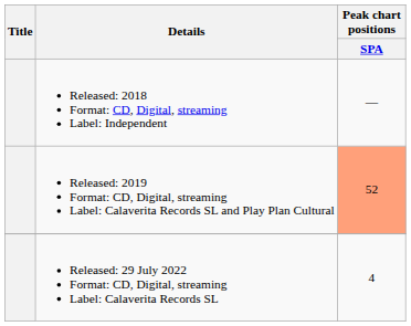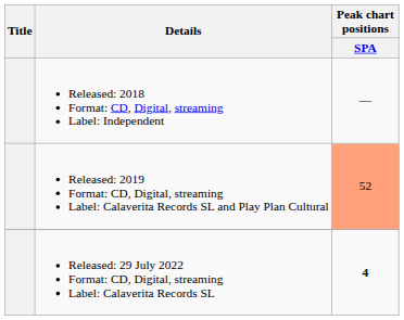 <table class="wikitable plainrowheaders">
 <tr>
 <th rowspan="2">Title</th>
 <th rowspan="2" scope="col">Details</th>
 <th colspan="1" width=80px>Peak chart positions</th>
 </tr>
 <tr>
 <th><a href='#'>SPA</a><br></th>
 </tr>
 <tr>
 <th scope="row"></th>
 <td><br><ul><li>Released: 2018</li><li>Format: <a href='#'>CD</a>, <a href='#'>Digital</a>, <a href='#'>streaming</a></li><li>Label: Independent</li></ul></td>
 <td align="center">—</td>
 </tr>
 <tr>
 <th scope="row"></th>
 <td><br><ul><li>Released: 2019</li><li>Format: CD, Digital, streaming</li><li>Label: Calaverita Records SL and Play Plan Cultural</li></ul></td>
 <td align="center" style="background: lightsalmon;">52</td>
 </tr>
 <tr>
 </tr>
 <tr>
 <th scope="row"></th>
 <td><br><ul><li>Released: 29 July 2022</li><li>Format: CD, Digital, streaming</li><li>Label: Calaverita Records SL</li></ul></td>
-<td align="center">4</td>
+<td align="center"><strong>4</strong></td>
 </tr>
 </table>
